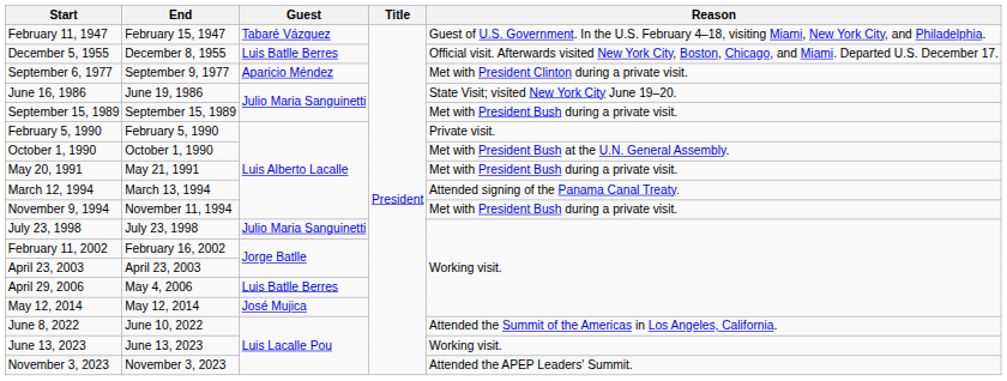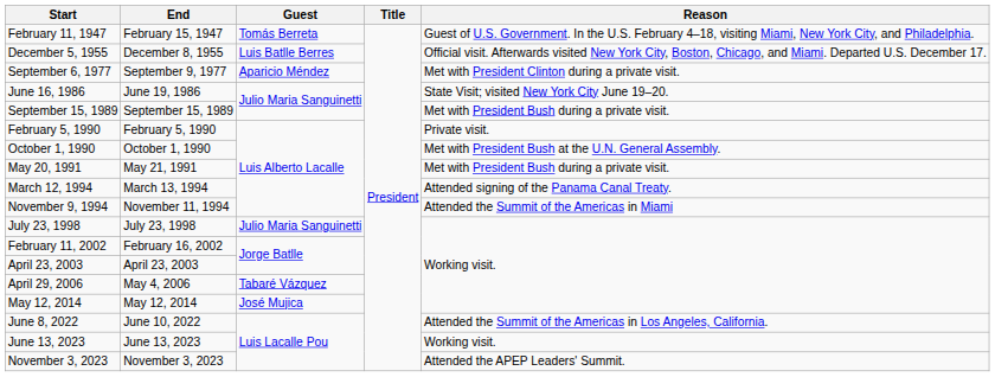 <table class="wikitable sortable">
 <tr>
 <th>Start</th>
 <th>End</th>
 <th>Guest</th>
 <th>Title</th>
 <th>Reason</th>
 </tr>
 <tr>
 <td>February 11, 1947</td>
 <td>February 15, 1947</td>
-<td><a href='#'>Tabaré Vázquez</a></td>
+<td><a href='#'>Tomás Berreta</a></td>
 <td rowspan=19><a href='#'>President</a></td>
 <td>Guest of <a href='#'>U.S. Government</a>. In the U.S. February 4–18, visiting <a href='#'>Miami</a>, <a href='#'>New York City</a>, and <a href='#'>Philadelphia</a>.</td>
 </tr>
 <tr>
 <td>December 5, 1955</td>
 <td>December 8, 1955</td>
 <td><a href='#'>Luis Batlle Berres</a></td>
 <td>Official visit. Afterwards visited <a href='#'>New York City</a>, <a href='#'>Boston</a>, <a href='#'>Chicago</a>, and <a href='#'>Miami</a>. Departed U.S. December 17.</td>
 </tr>
 <tr>
 <td>September 6, 1977</td>
 <td>September 9, 1977</td>
 <td><a href='#'>Aparicio Méndez</a></td>
 <td>Met with <a href='#'>President Clinton</a> during a private visit.</td>
 </tr>
 <tr>
 <td>June 16, 1986</td>
 <td>June 19, 1986</td>
 <td rowspan=2><a href='#'>Julio Maria Sanguinetti</a></td>
 <td>State Visit; visited <a href='#'>New York City</a> June 19–20.</td>
 </tr>
 <tr>
 <td>September 15, 1989</td>
 <td>September 15, 1989</td>
 <td>Met with <a href='#'>President Bush</a> during a private visit.</td>
 </tr>
 <tr>
 <td>February 5, 1990</td>
 <td>February 5, 1990</td>
 <td rowspan=5><a href='#'>Luis Alberto Lacalle</a></td>
 <td>Private visit.</td>
 </tr>
 <tr>
 <td>October 1, 1990</td>
 <td>October 1, 1990</td>
 <td>Met with <a href='#'>President Bush</a> at the <a href='#'>U.N. General Assembly</a>.</td>
 </tr>
 <tr>
 <td>May 20, 1991</td>
 <td>May 21, 1991</td>
 <td>Met with <a href='#'>President Bush</a> during a private visit.</td>
 </tr>
 <tr>
 <td>March 12, 1994</td>
 <td>March 13, 1994</td>
 <td>Attended signing of the <a href='#'>Panama Canal Treaty</a>.</td>
 </tr>
 <tr>
 <td>November 9, 1994</td>
 <td>November 11, 1994</td>
-<td>Met with <a href='#'>President Bush</a> during a private visit.</td>
+<td>Attended the <a href='#'>Summit of the Americas</a> in <a href='#'>Miami</a></td>
 </tr>
 <tr>
 <td>July 23, 1998</td>
 <td>July 23, 1998</td>
 <td><a href='#'>Julio Maria Sanguinetti</a></td>
 <td rowspan=5>Working visit.</td>
 </tr>
 <tr>
 <td>February 11, 2002</td>
 <td>February 16, 2002</td>
 <td rowspan=2><a href='#'>Jorge Batlle</a></td>
 </tr>
 <tr>
 <td>April 23, 2003</td>
 <td>April 23, 2003</td>
 </tr>
 <tr>
 <td>April 29, 2006</td>
 <td>May 4, 2006</td>
-<td><a href='#'>Luis Batlle Berres</a></td>
+<td><a href='#'>Tabaré Vázquez</a></td>
 </tr>
 <tr>
 <td>May 12, 2014</td>
 <td>May 12, 2014</td>
 <td><a href='#'>José Mujica</a></td>
 </tr>
 <tr>
 <td>June 8, 2022</td>
 <td>June 10, 2022</td>
 <td rowspan=3><a href='#'>Luis Lacalle Pou</a></td>
 <td>Attended the <a href='#'>Summit of the Americas</a> in <a href='#'>Los Angeles, California</a>.</td>
 </tr>
 <tr>
 <td>June 13, 2023</td>
 <td>June 13, 2023</td>
 <td>Working visit.</td>
 </tr>
 <tr>
 <td>November 3, 2023</td>
 <td>November 3, 2023</td>
 <td>Attended the APEP Leaders' Summit.</td>
 </tr>
 </table>
